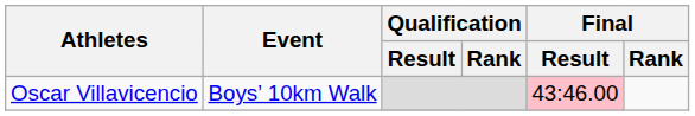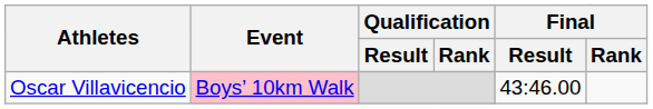 <table class="wikitable" border="1" style="font-size:90%">
 <tr>
 <th rowspan=2>Athletes</th>
 <th rowspan=2>Event</th>
 <th colspan=2>Qualification</th>
 <th colspan=2>Final</th>
 </tr>
 <tr>
 <th>Result</th>
 <th>Rank</th>
 <th>Result</th>
 <th>Rank</th>
 </tr>
 <tr>
 <td><a href='#'>Oscar Villavicencio</a></td>
-<td><a href='#'>Boys’ 10km Walk</a></td>
+<td style="background: pink;"><a href='#'>Boys’ 10km Walk</a></td>
 <td colspan=2 bgcolor=#DCDCDC></td>
-<td align=center style="background: pink;">43:46.00</td>
+<td align=center>43:46.00</td>
 <td align=center></td>
 </tr>
 </table>
